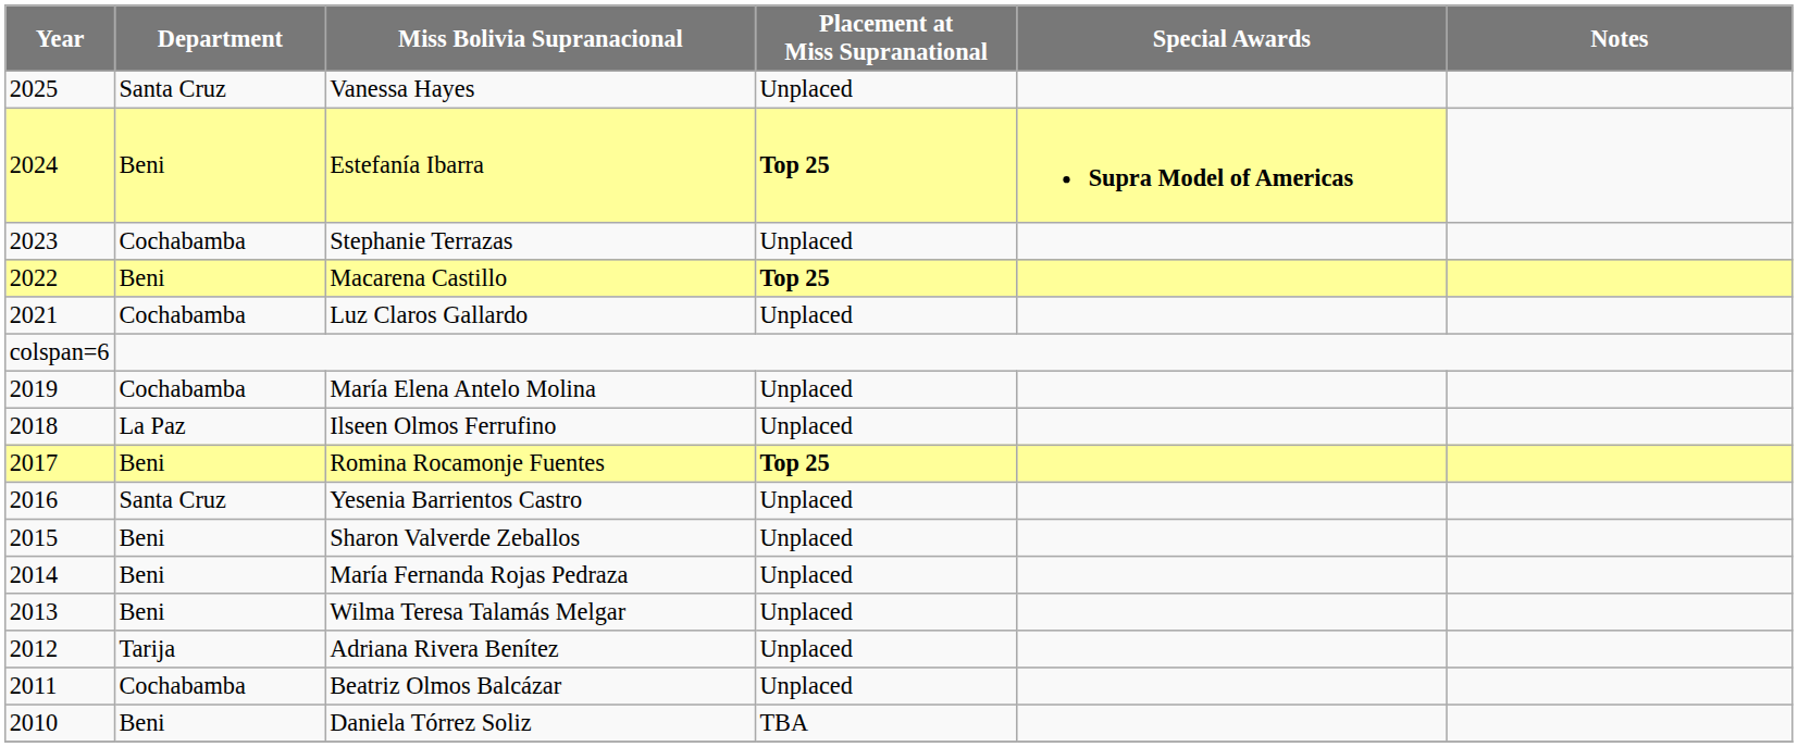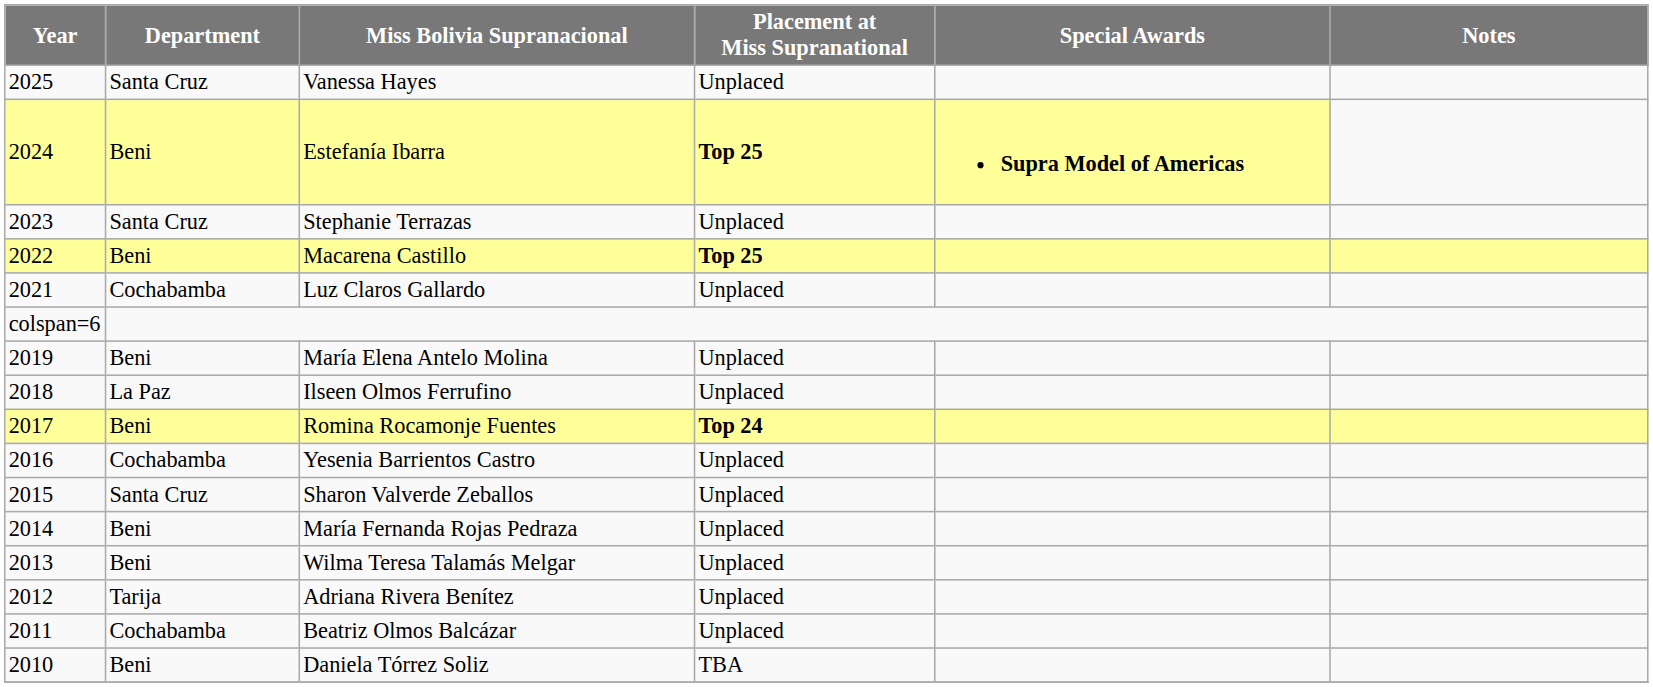 <table class="sortable" border="5" cellpadding="2" cellspacing="0" align=" 0 1em 0 0" style="background: #f9f9f9; border: 1px #aaa solid; border-collapse: collapse; font-size: 90%">
 <tr>
 <th width="60" style="background-color:#787878;color:#FFFFFF;">Year</th>
 <th width="120" style="background-color:#787878;color:#FFFFFF;">Department</th>
 <th width="250" style="background-color:#787878;color:#FFFFFF;">Miss Bolivia Supranacional</th>
 <th width="150" style="background-color:#787878;color:#FFFFFF;">Placement at<br>Miss Supranational</th>
 <th width="250" style="background-color:#787878;color:#FFFFFF;">Special Awards</th>
 <th width="200" style="background-color:#787878;color:#FFFFFF;">Notes</th>
 </tr>
 <tr>
 <td>2025</td>
 <td>Santa Cruz</td>
 <td>Vanessa Hayes</td>
 <td>Unplaced</td>
 <td></td>
 <td></td>
 </tr>
 <tr style=background-color:#FFFF99>
 <td>2024</td>
 <td>Beni</td>
 <td>Estefanía Ibarra</td>
 <td><strong>Top 25</strong></td>
 <td><br><ul><li><strong>Supra Model of Americas</strong></li></ul></td>
 </tr>
 <tr>
 <td>2023</td>
-<td>Cochabamba</td>
+<td>Santa Cruz</td>
 <td>Stephanie Terrazas</td>
 <td>Unplaced</td>
 <td></td>
 <td></td>
 </tr>
 <tr style="background-color:#FFFF99; ">
 <td>2022</td>
 <td>Beni</td>
 <td>Macarena Castillo</td>
 <td><strong>Top 25</strong></td>
 <td></td>
 <td></td>
 </tr>
 <tr>
 <td>2021</td>
 <td>Cochabamba</td>
 <td>Luz Claros Gallardo</td>
 <td>Unplaced</td>
 <td></td>
 <td></td>
 </tr>
 <tr>
 <td>colspan=6 </td>
 </tr>
 <tr>
 <td>2019</td>
-<td>Cochabamba</td>
+<td>Beni</td>
 <td>María Elena Antelo Molina</td>
 <td>Unplaced</td>
 <td></td>
 <td></td>
 </tr>
 <tr>
 <td>2018</td>
 <td>La Paz</td>
 <td>Ilseen Olmos Ferrufino</td>
 <td>Unplaced</td>
 <td></td>
 <td></td>
 </tr>
 <tr style="background-color:#FFFF99; ">
 <td>2017</td>
 <td>Beni</td>
 <td>Romina Rocamonje Fuentes</td>
-<td><strong>Top 25</strong></td>
+<td><strong>Top 24</strong></td>
 <td></td>
 <td></td>
 </tr>
 <tr>
 <td>2016</td>
-<td>Santa Cruz</td>
+<td>Cochabamba</td>
 <td>Yesenia Barrientos Castro</td>
 <td>Unplaced</td>
 <td></td>
 <td></td>
 </tr>
 <tr>
 <td>2015</td>
-<td>Beni</td>
+<td>Santa Cruz</td>
 <td>Sharon Valverde Zeballos</td>
 <td>Unplaced</td>
 <td></td>
 <td></td>
 </tr>
 <tr>
 <td>2014</td>
 <td>Beni</td>
 <td>María Fernanda Rojas Pedraza</td>
 <td>Unplaced</td>
 <td></td>
 <td></td>
 </tr>
 <tr>
 <td>2013</td>
 <td>Beni</td>
 <td>Wilma Teresa Talamás Melgar</td>
 <td>Unplaced</td>
 <td></td>
 <td></td>
 </tr>
 <tr>
 <td>2012</td>
 <td>Tarija</td>
 <td>Adriana Rivera Benítez</td>
 <td>Unplaced</td>
 <td></td>
 <td></td>
 </tr>
 <tr>
 <td>2011</td>
 <td>Cochabamba</td>
 <td>Beatriz Olmos Balcázar</td>
 <td>Unplaced</td>
 <td></td>
 <td></td>
 </tr>
 <tr>
 <td>2010</td>
 <td>Beni</td>
 <td>Daniela Tórrez Soliz</td>
 <td>TBA</td>
 <td></td>
 <td></td>
 </tr>
 <tr>
 </tr>
 </table>
